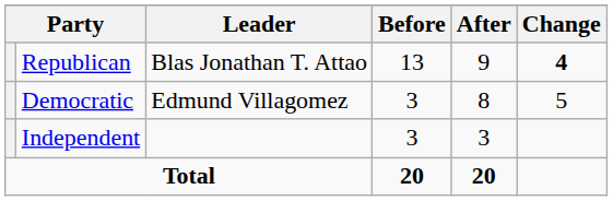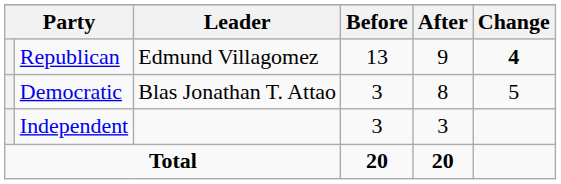 <table class="wikitable" style="text-align:center;">
 <tr>
 </tr>
 <tr>
 <th colspan=2>Party</th>
 <th>Leader</th>
 <th>Before</th>
 <th>After</th>
 <th>Change</th>
 </tr>
 <tr>
 <th style="background-color:"></th>
 <td style="text-align:left;"><a href='#'>Republican</a></td>
-<td style="text-align:left;">Blas Jonathan T. Attao</td>
+<td style="text-align:left;">Edmund Villagomez</td>
 <td>13</td>
 <td>9</td>
 <td><strong> 4</strong></td>
 </tr>
 <tr>
 <th style="background-color:"></th>
 <td style="text-align:left;"><a href='#'>Democratic</a></td>
-<td style="text-align:left;">Edmund Villagomez</td>
+<td style="text-align:left;">Blas Jonathan T. Attao</td>
 <td>3</td>
 <td>8</td>
 <td> 5</td>
 </tr>
 <tr>
 <th style="background-color:"></th>
 <td style="text-align:left;"><a href='#'>Independent</a></td>
 <td style="text-align:left;"></td>
 <td>3</td>
 <td>3</td>
 <td></td>
 </tr>
 <tr>
 <td colspan=3><strong>Total</strong></td>
 <td><strong>20</strong></td>
 <td><strong>20</strong></td>
 <td></td>
 </tr>
 </table>
